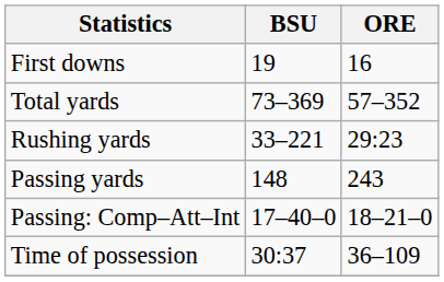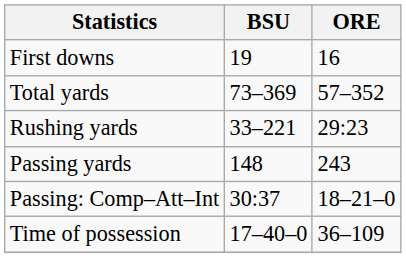 <table class="wikitable" style="float: left;">
 <tr>
 <th>Statistics</th>
 <th>BSU</th>
 <th>ORE</th>
 </tr>
 <tr>
 <td>First downs</td>
 <td>19</td>
 <td>16</td>
 </tr>
 <tr>
 <td>Total yards</td>
 <td>73–369</td>
 <td>57–352</td>
 </tr>
 <tr>
 <td>Rushing yards</td>
 <td>33–221</td>
 <td>29:23</td>
 </tr>
 <tr>
 <td>Passing yards</td>
 <td>148</td>
 <td>243</td>
 </tr>
 <tr>
 <td>Passing: Comp–Att–Int</td>
-<td>17–40–0</td>
+<td>30:37</td>
 <td>18–21–0</td>
 </tr>
 <tr>
 <td>Time of possession</td>
-<td>30:37</td>
+<td>17–40–0</td>
 <td>36–109</td>
 </tr>
 <tr>
 </tr>
 </table>
